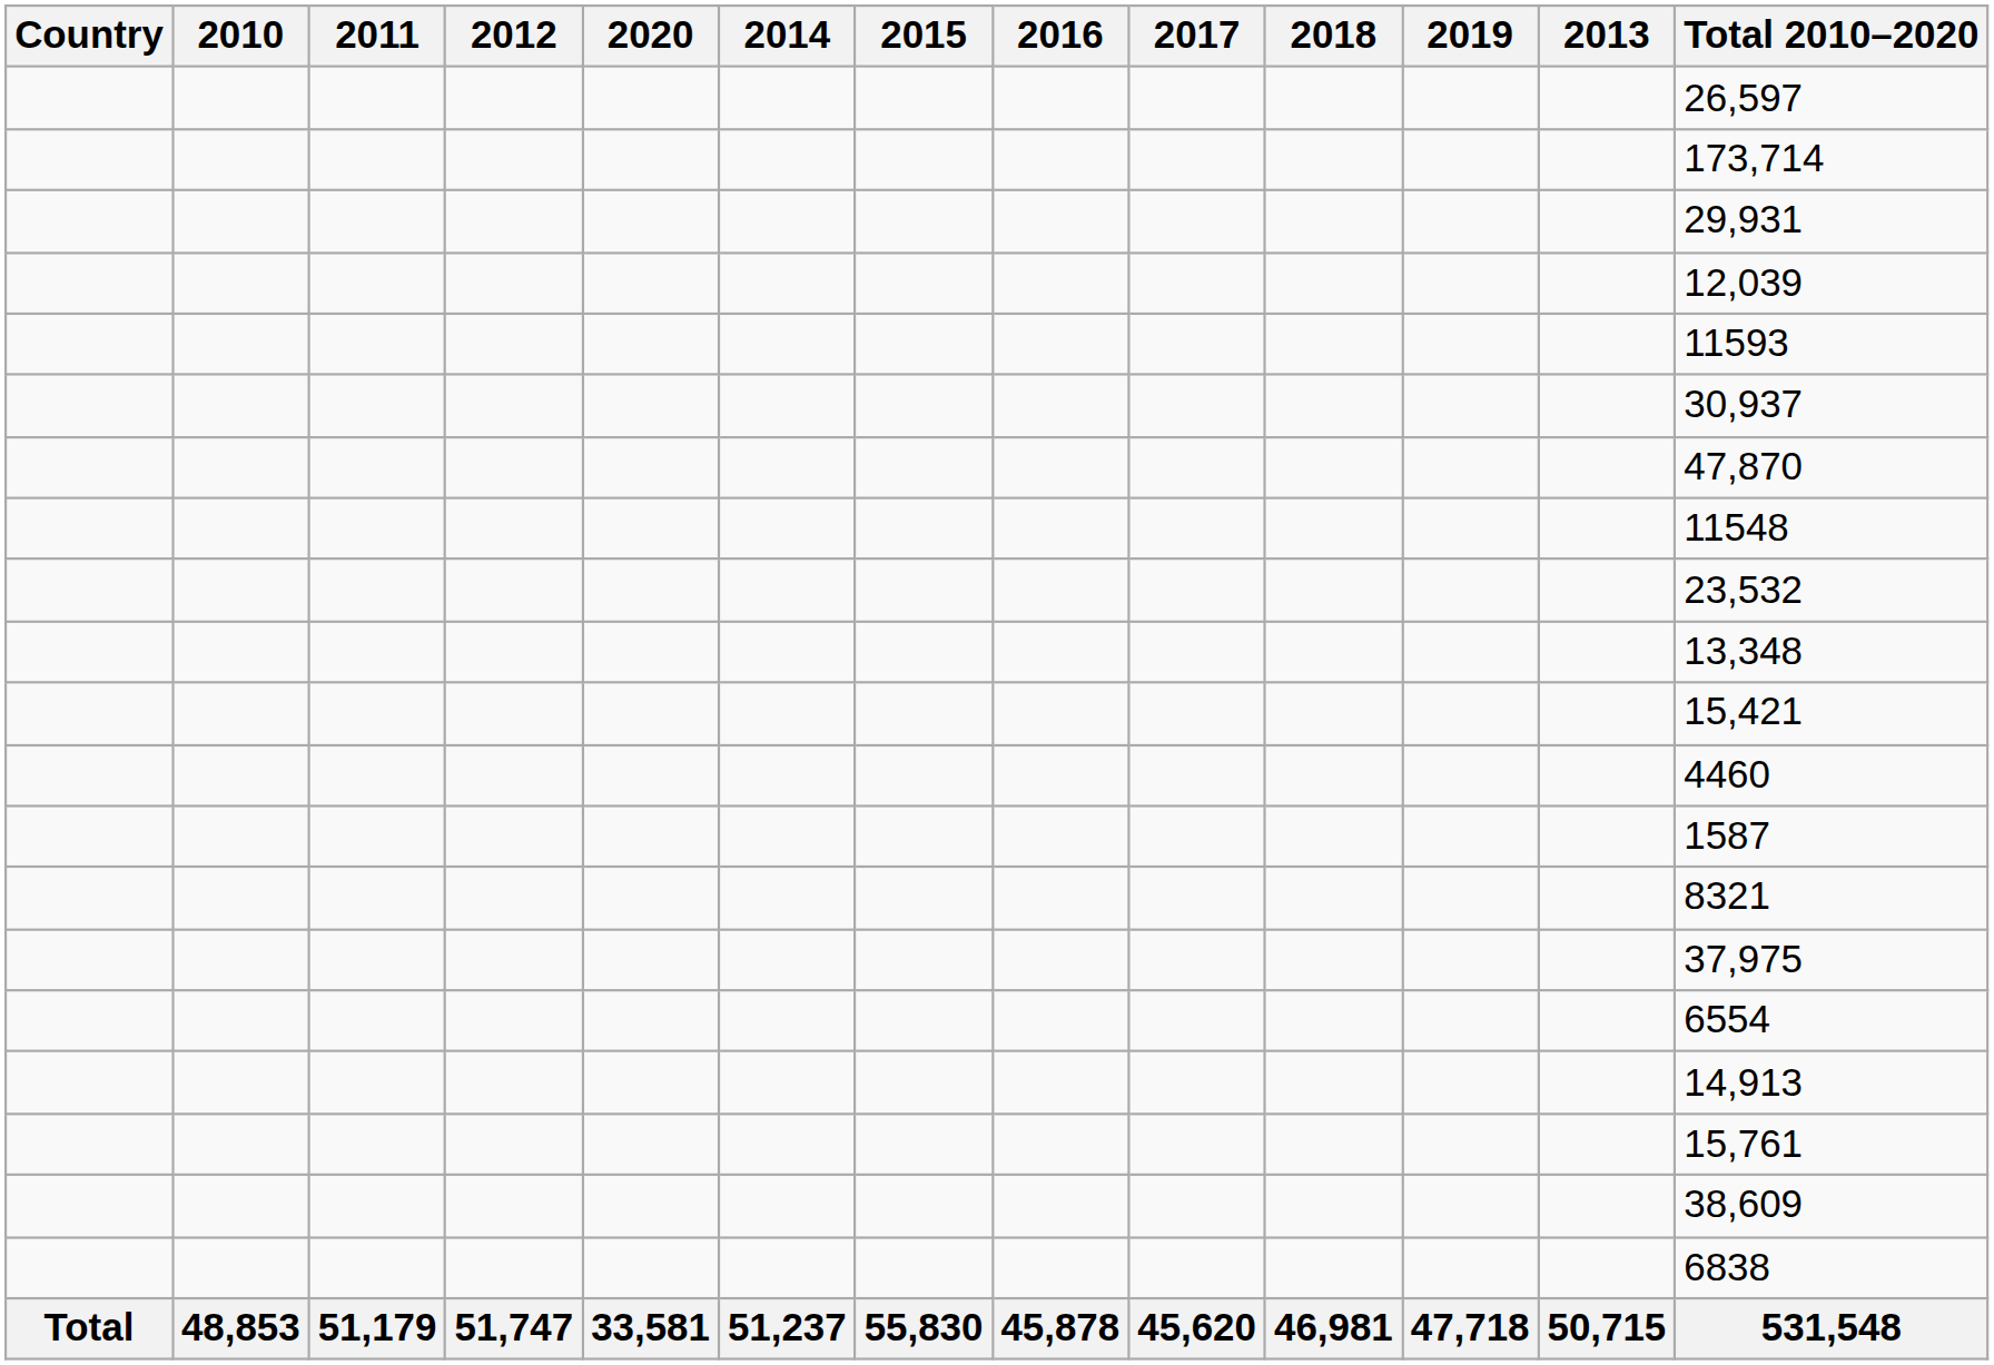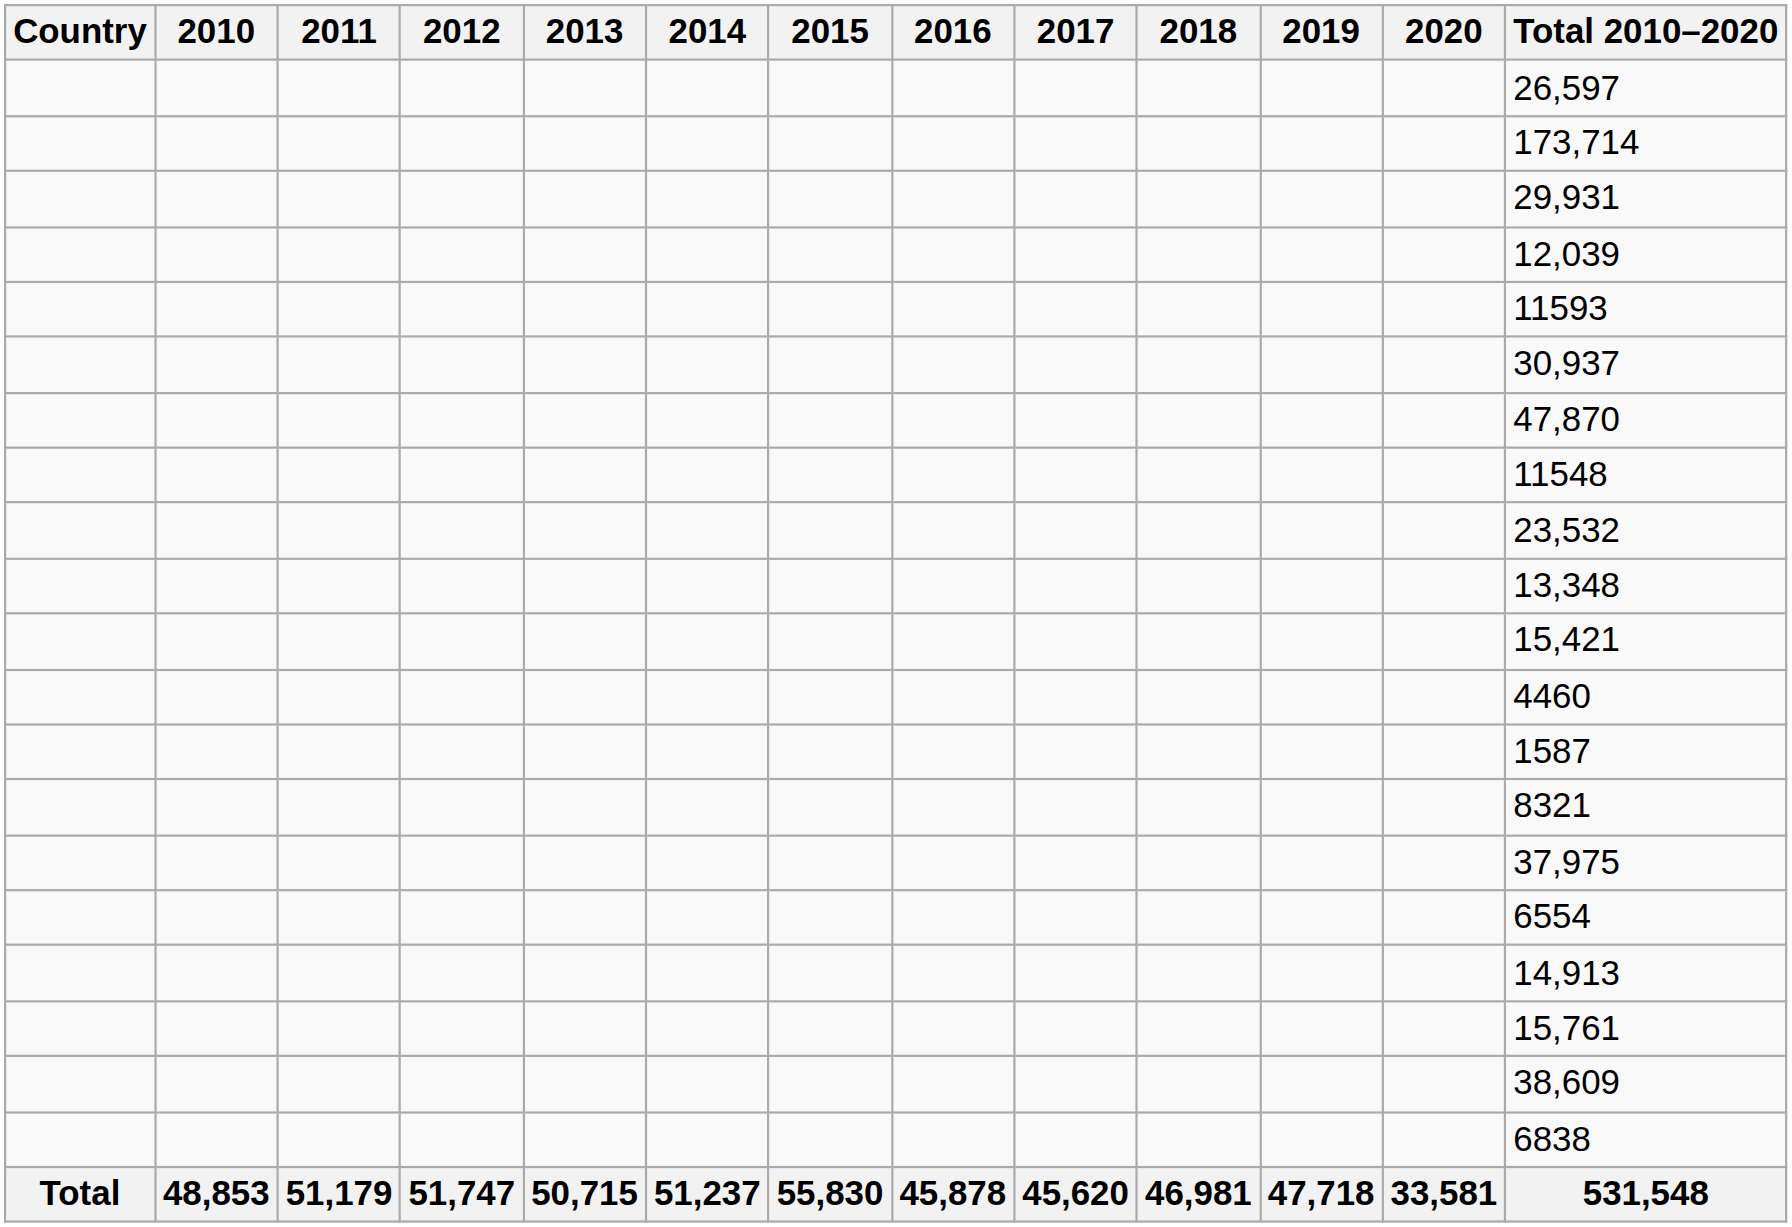 <table class="nowrap sortable mw-datatable wikitable sortable">
 <tr>
 <th>Country</th>
 <th>2010</th>
 <th>2011</th>
 <th>2012</th>
-<th>2020</th>
+<th>2013</th>
 <th>2014</th>
 <th>2015</th>
 <th>2016</th>
 <th>2017</th>
 <th>2018</th>
 <th>2019</th>
-<th>2013</th>
+<th>2020</th>
 <th>Total 2010–2020</th>
 </tr>
 <tr>
 <td></td>
 <td></td>
 <td></td>
 <td></td>
 <td></td>
 <td></td>
 <td></td>
 <td></td>
 <td></td>
 <td></td>
 <td></td>
 <td></td>
 <td>26,597</td>
 </tr>
 <tr>
 <td></td>
 <td></td>
 <td></td>
 <td></td>
 <td></td>
 <td></td>
 <td></td>
 <td></td>
 <td></td>
 <td></td>
 <td></td>
 <td></td>
 <td>173,714</td>
 </tr>
 <tr>
 <td></td>
 <td></td>
 <td></td>
 <td></td>
 <td></td>
 <td></td>
 <td></td>
 <td></td>
 <td></td>
 <td></td>
 <td></td>
 <td></td>
 <td>29,931</td>
 </tr>
 <tr>
 <td></td>
 <td></td>
 <td></td>
 <td></td>
 <td></td>
 <td></td>
 <td></td>
 <td></td>
 <td></td>
 <td></td>
 <td></td>
 <td></td>
 <td>12,039</td>
 </tr>
 <tr>
 <td></td>
 <td></td>
 <td></td>
 <td></td>
 <td></td>
 <td></td>
 <td></td>
 <td></td>
 <td></td>
 <td></td>
 <td></td>
 <td></td>
 <td>11593</td>
 </tr>
 <tr>
 <td></td>
 <td></td>
 <td></td>
 <td></td>
 <td></td>
 <td></td>
 <td></td>
 <td></td>
 <td></td>
 <td></td>
 <td></td>
 <td></td>
 <td>30,937</td>
 </tr>
 <tr>
 <td></td>
 <td></td>
 <td></td>
 <td></td>
 <td></td>
 <td></td>
 <td></td>
 <td></td>
 <td></td>
 <td></td>
 <td></td>
 <td></td>
 <td>47,870</td>
 </tr>
 <tr>
 <td></td>
 <td></td>
 <td></td>
 <td></td>
 <td></td>
 <td></td>
 <td></td>
 <td></td>
 <td></td>
 <td></td>
 <td></td>
 <td></td>
 <td>11548</td>
 </tr>
 <tr>
 <td></td>
 <td></td>
 <td></td>
 <td></td>
 <td></td>
 <td></td>
 <td></td>
 <td></td>
 <td></td>
 <td></td>
 <td></td>
 <td></td>
 <td>23,532</td>
 </tr>
 <tr>
 <td></td>
 <td></td>
 <td></td>
 <td></td>
 <td></td>
 <td></td>
 <td></td>
 <td></td>
 <td></td>
 <td></td>
 <td></td>
 <td></td>
 <td>13,348</td>
 </tr>
 <tr>
 <td></td>
 <td></td>
 <td></td>
 <td></td>
 <td></td>
 <td></td>
 <td></td>
 <td></td>
 <td></td>
 <td></td>
 <td></td>
 <td></td>
 <td>15,421</td>
 </tr>
 <tr>
 <td></td>
 <td></td>
 <td></td>
 <td></td>
 <td></td>
 <td></td>
 <td></td>
 <td></td>
 <td></td>
 <td></td>
 <td></td>
 <td></td>
 <td>4460</td>
 </tr>
 <tr>
 <td></td>
 <td></td>
 <td></td>
 <td></td>
 <td></td>
 <td></td>
 <td></td>
 <td></td>
 <td></td>
 <td></td>
 <td></td>
 <td></td>
 <td>1587</td>
 </tr>
 <tr>
 <td></td>
 <td></td>
 <td></td>
 <td></td>
 <td></td>
 <td></td>
 <td></td>
 <td></td>
 <td></td>
 <td></td>
 <td></td>
 <td></td>
 <td>8321</td>
 </tr>
 <tr>
 <td></td>
 <td></td>
 <td></td>
 <td></td>
 <td></td>
 <td></td>
 <td></td>
 <td></td>
 <td></td>
 <td></td>
 <td></td>
 <td></td>
 <td>37,975</td>
 </tr>
 <tr>
 <td></td>
 <td></td>
 <td></td>
 <td></td>
 <td></td>
 <td></td>
 <td></td>
 <td></td>
 <td></td>
 <td></td>
 <td></td>
 <td></td>
 <td>6554</td>
 </tr>
 <tr>
 <td></td>
 <td></td>
 <td></td>
 <td></td>
 <td></td>
 <td></td>
 <td></td>
 <td></td>
 <td></td>
 <td></td>
 <td></td>
 <td></td>
 <td>14,913</td>
 </tr>
 <tr>
 <td></td>
 <td></td>
 <td></td>
 <td></td>
 <td></td>
 <td></td>
 <td></td>
 <td></td>
 <td></td>
 <td></td>
 <td></td>
 <td></td>
 <td>15,761</td>
 </tr>
 <tr>
 <td></td>
 <td></td>
 <td></td>
 <td></td>
 <td></td>
 <td></td>
 <td></td>
 <td></td>
 <td></td>
 <td></td>
 <td></td>
 <td></td>
 <td>38,609</td>
 </tr>
 <tr>
 <td></td>
 <td></td>
 <td></td>
 <td></td>
 <td></td>
 <td></td>
 <td></td>
 <td></td>
 <td></td>
 <td></td>
 <td></td>
 <td></td>
 <td>6838</td>
 </tr>
 <tr>
 <th><strong>Total</strong></th>
 <th><strong>48,853</strong></th>
 <th><strong>51,179</strong></th>
 <th><strong>51,747</strong></th>
-<th><strong>33,581</strong></th>
+<th><strong>50,715</strong></th>
 <th><strong>51,237</strong></th>
 <th><strong>55,830</strong></th>
 <th><strong>45,878</strong></th>
 <th><strong>45,620</strong></th>
 <th><strong>46,981</strong></th>
 <th><strong>47,718</strong></th>
-<th><strong>50,715</strong></th>
+<th><strong>33,581</strong></th>
 <th>531,548</th>
 </tr>
 </table>
